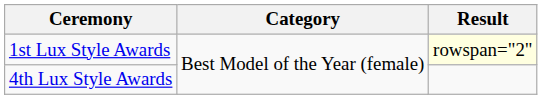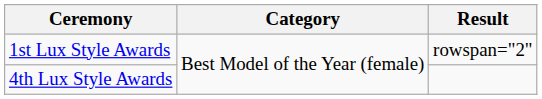 <table class="wikitable style">
 <tr>
 <th>Ceremony</th>
 <th>Category</th>
 <th>Result</th>
 </tr>
 <tr>
 <td><a href='#'>1st Lux Style Awards</a></td>
 <td rowspan="2">Best Model of the Year (female)</td>
-<td style="background: lightyellow;">rowspan="2" </td>
+<td>rowspan="2" </td>
 </tr>
 <tr>
 <td><a href='#'>4th Lux Style Awards</a></td>
 </tr>
 </table>
